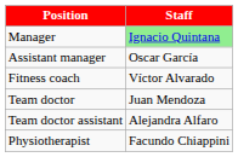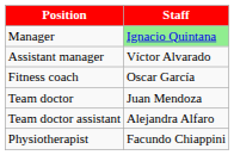 <table class="wikitable">
 <tr>
 <th style=background-color:red;color:#FFFFFF>Position</th>
 <th style=background-color:red;color:#FFFFFF>Staff</th>
 </tr>
 <tr>
 <td>Manager</td>
 <td style="background: lightgreen;"> <a href='#'>Ignacio Quintana</a></td>
 </tr>
 <tr>
 <td>Assistant manager</td>
-<td> Oscar García</td>
+<td> Víctor Alvarado</td>
 </tr>
 <tr>
 <td>Fitness coach</td>
-<td> Víctor Alvarado</td>
+<td> Oscar García</td>
 </tr>
 <tr>
 <td>Team doctor</td>
 <td> Juan Mendoza</td>
 </tr>
 <tr>
 <td>Team doctor assistant</td>
 <td> Alejandra Alfaro</td>
 </tr>
 <tr>
 <td>Physiotherapist</td>
 <td> Facundo Chiappini</td>
 </tr>
 </table>
